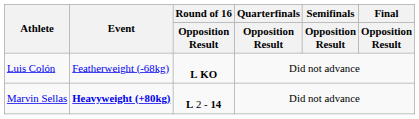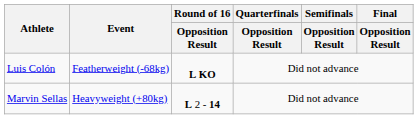 <table class="wikitable" style="font-size:90%">
 <tr>
 <th rowspan="2">Athlete</th>
 <th rowspan="2">Event</th>
 <th>Round of 16</th>
 <th>Quarterfinals</th>
 <th>Semifinals</th>
 <th>Final</th>
 </tr>
 <tr>
 <th>Opposition<br>Result</th>
 <th>Opposition<br>Result</th>
 <th>Opposition<br>Result</th>
 <th>Opposition<br>Result</th>
 </tr>
 <tr>
 <td><a href='#'>Luis Colón</a></td>
 <td><a href='#'>Featherweight (-68kg)</a></td>
 <td align=center> <br><strong>L</strong>  <strong>KO</strong></td>
 <td align="center" colspan="7">Did not advance</td>
 </tr>
 <tr>
 <td><a href='#'>Marvin Sellas</a></td>
-<td><strong><a href='#'>Heavyweight (+80kg)</a></strong></td>
+<td><a href='#'>Heavyweight (+80kg)</a></td>
 <td align=center> <br><strong>L</strong> 2 - <strong>14</strong></td>
 <td align="center" colspan="7">Did not advance</td>
 </tr>
 </table>
